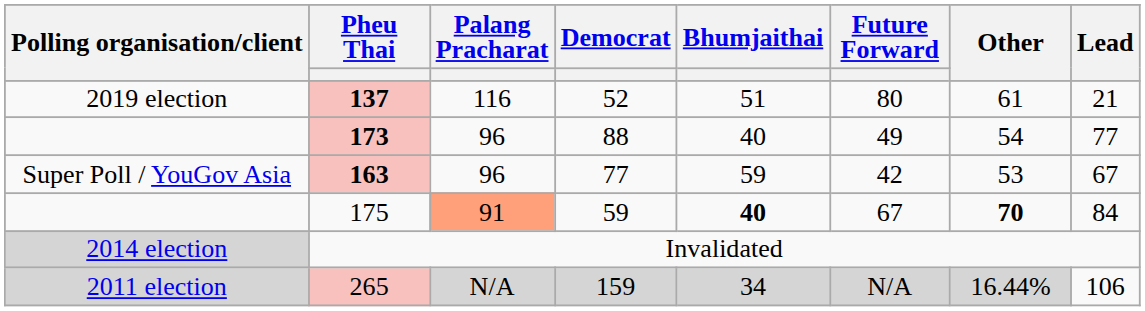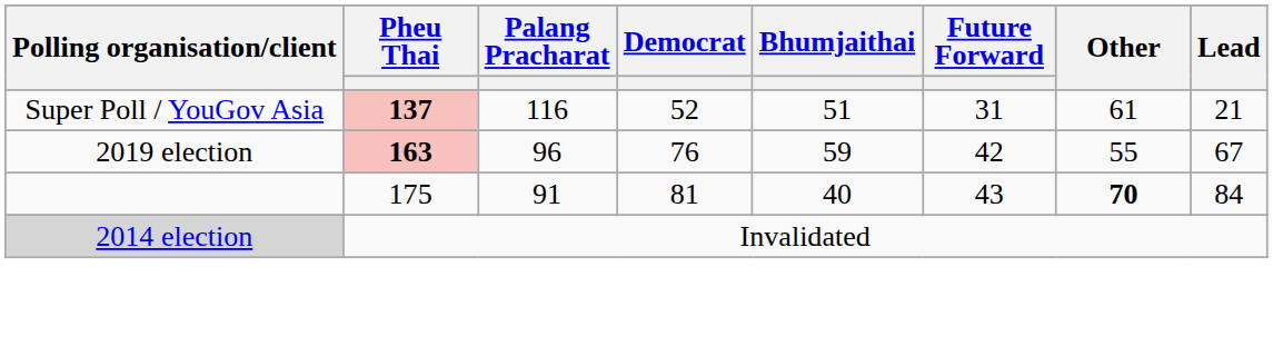 <table class="wikitable collapsible sortable" style="text-align:center;font-size:90%;line-height:14px">
 <tr>
 <th rowspan=2>Polling organisation/client</th>
 <th style="width:60px;" class="unsortable"><a href='#'>Pheu Thai</a></th>
 <th style="width:60px;" class="unsortable"><a href='#'>Palang Pracharat</a></th>
 <th style="width:60px;" class="unsortable"><a href='#'>Democrat</a></th>
 <th style="width:60px;" class="unsortable"><a href='#'>Bhumjaithai</a></th>
 <th style="width:60px;" class="unsortable"><a href='#'>Future Forward</a></th>
 <th rowspan="2" style="width:60px;" class="unsortable">Other</th>
 <th rowspan="2" class="unsortable" style="width:20px;">Lead</th>
 </tr>
 <tr>
 <th class="unsortable" style="color:inherit;background:"></th>
 <th class="unsortable" style="color:inherit;background:"></th>
 <th class="unsortable" style="color:inherit;background:"></th>
 <th class="unsortable" style="color:inherit;background:"></th>
 <th class="unsortable" style="color:inherit;background:"></th>
 </tr>
 <tr>
-<td>2019 election</td>
+<td>Super Poll / <a href='#'>YouGov Asia</a></td>
 <td style="background:#F8C1BE"><strong>137</strong></td>
 <td>116</td>
 <td>52</td>
 <td>51</td>
-<td>80</td>
+<td>31</td>
 <td>61</td>
 <td style="background:">21</td>
 </tr>
 <tr>
-<td></td>
-<td style="background:#F8C1BE"><strong>173</strong></td>
-<td>96</td>
-<td>88</td>
-<td>40</td>
-<td>49</td>
-<td>54</td>
-<td style="background:">77</td>
-</tr>
-<tr>
-<td>Super Poll / <a href='#'>YouGov Asia</a></td>
+<td>2019 election</td>
 <td style="background:#F8C1BE"><strong>163</strong></td>
 <td>96</td>
-<td>77</td>
+<td>76</td>
 <td>59</td>
 <td>42</td>
-<td>53</td>
+<td>55</td>
 <td style="background:">67</td>
 </tr>
 <tr>
 <td></td>
 <td>175</td>
-<td style="background: lightsalmon;">91</td>
-<td>59</td>
-<td><strong>40</strong></td>
-<td>67</td>
+<td>91</td>
+<td>81</td>
+<td>40</td>
+<td>43</td>
 <td><strong>70</strong></td>
 <td>84</td>
 </tr>
 <tr>
 <td style="background:#D5D5D5"><a href='#'>2014 election</a></td>
 <td colspan="7">Invalidated</td>
 </tr>
-<tr>
-<td style="background:#D5D5D5"><a href='#'>2011 election</a></td>
-<td style="background:#F8C1BE">265</td>
-<td style="background:#D5D5D5">N/A</td>
-<td style="background:#D5D5D5">159</td>
-<td style="background:#D5D5D5">34</td>
-<td style="background:#D5D5D5">N/A</td>
-<td style="background:#D5D5D5">16.44%</td>
-<td style="background:">106</td>
-</tr>
 </table>
